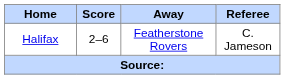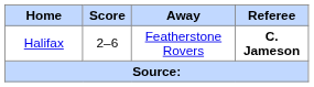 <table border=1 style="border-collapse:collapse; font-size:90%; text-align:center;" cellpadding=3 cellspacing=0 width=54%>
 <tr bgcolor=#C1D8FF>
 <th width=19%>Home</th>
 <th width=6%>Score</th>
 <th width=19%>Away</th>
 <th width=10%>Referee</th>
 </tr>
 <tr>
 <td><a href='#'>Halifax</a></td>
 <td>2–6</td>
 <td><a href='#'>Featherstone Rovers</a></td>
-<td>C. Jameson</td>
+<td><strong>C. Jameson</strong></td>
 </tr>
 <tr style="background:#c1d8ff;">
 <th colspan=4>Source:</th>
 </tr>
 </table>
